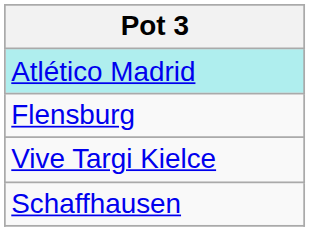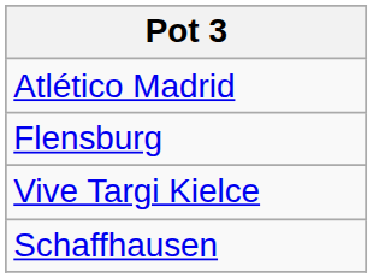 <table class="wikitable">
 <tr>
 <th width=165>Pot 3</th>
 </tr>
 <tr>
-<td style="background: paleturquoise;"> <a href='#'>Atlético Madrid</a></td>
+<td> <a href='#'>Atlético Madrid</a></td>
 </tr>
 <tr>
 <td> <a href='#'>Flensburg</a></td>
 </tr>
 <tr>
 <td> <a href='#'>Vive Targi Kielce</a></td>
 </tr>
 <tr>
 <td> <a href='#'>Schaffhausen</a></td>
 </tr>
 </table>
